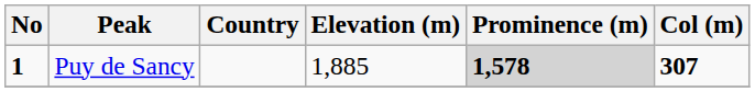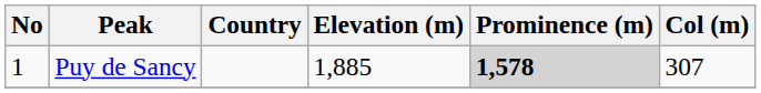 <table class="wikitable sortable">
 <tr>
 <th>No</th>
 <th>Peak</th>
 <th>Country</th>
 <th>Elevation (m)</th>
 <th>Prominence (m)</th>
 <th>Col (m)</th>
 </tr>
 <tr>
-<td><strong>1</strong></td>
+<td>1</td>
 <td><a href='#'>Puy de Sancy</a></td>
 <td></td>
 <td>1,885</td>
 <td style="background: lightgrey;"><strong>1,578</strong></td>
-<td><strong>307</strong></td>
+<td>307</td>
 </tr>
 <tr>
 </tr>
 </table>
